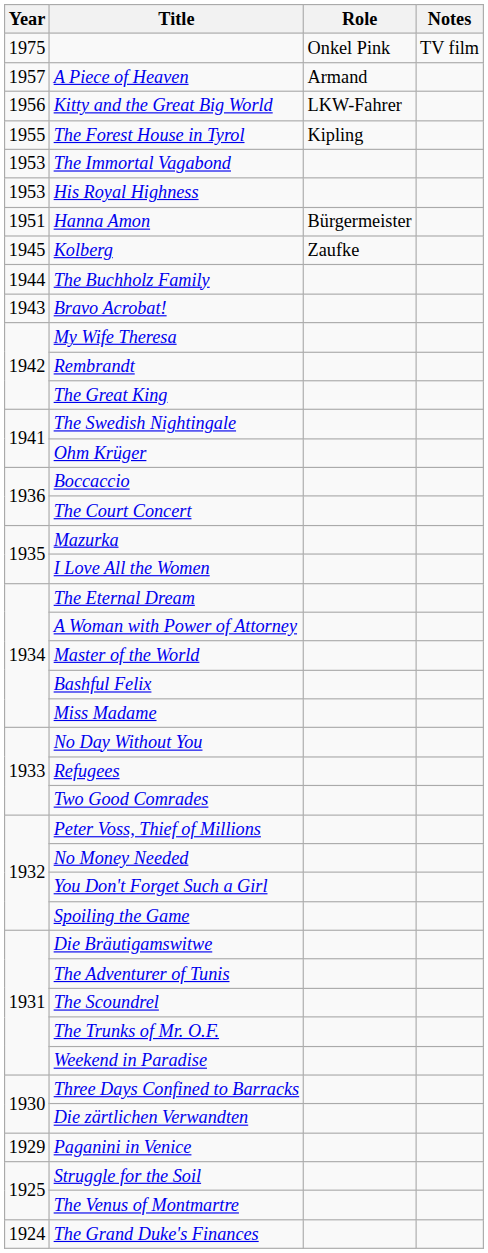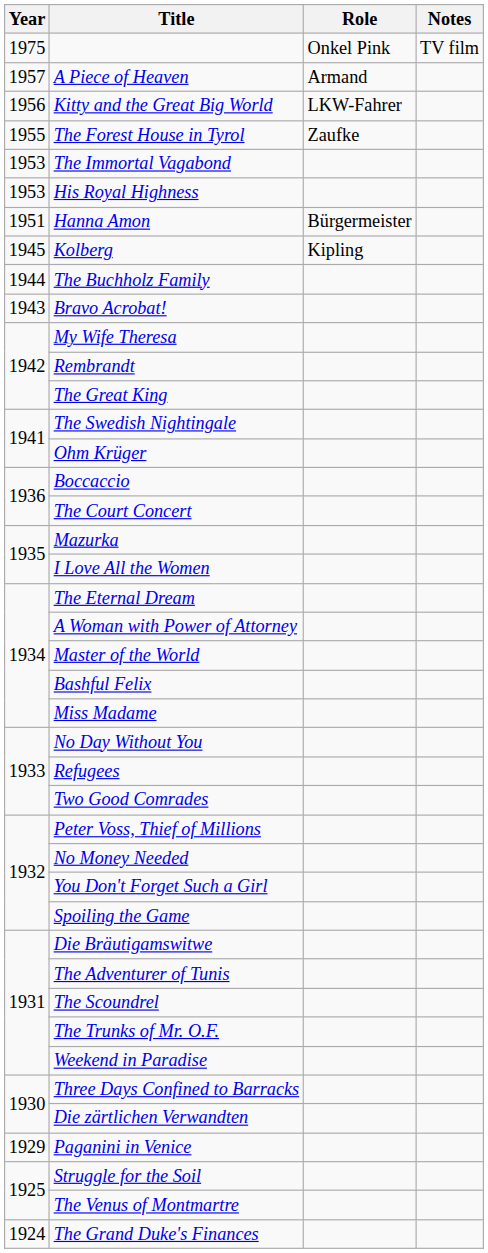 <table class="wikitable sortable">
 <tr>
 <th>Year</th>
 <th>Title</th>
 <th>Role</th>
 <th class="unsortable">Notes</th>
 </tr>
 <tr>
 <td>1975</td>
 <td><em></em></td>
 <td>Onkel Pink</td>
 <td>TV film</td>
 </tr>
 <tr>
 <td>1957</td>
 <td><em><a href='#'>A Piece of Heaven</a></em></td>
 <td>Armand</td>
 <td></td>
 </tr>
 <tr>
 <td>1956</td>
 <td><em><a href='#'>Kitty and the Great Big World</a></em></td>
 <td>LKW-Fahrer</td>
 <td></td>
 </tr>
 <tr>
 <td>1955</td>
 <td><em><a href='#'>The Forest House in Tyrol</a></em></td>
-<td>Kipling</td>
+<td>Zaufke</td>
 <td></td>
 </tr>
 <tr>
 <td>1953</td>
 <td><em><a href='#'>The Immortal Vagabond</a></em></td>
 <td></td>
 <td></td>
 </tr>
 <tr>
 <td>1953</td>
 <td><em><a href='#'>His Royal Highness</a></em></td>
 <td></td>
 <td></td>
 </tr>
 <tr>
 <td>1951</td>
 <td><em><a href='#'>Hanna Amon</a></em></td>
 <td>Bürgermeister</td>
 <td></td>
 </tr>
 <tr>
 <td>1945</td>
 <td><em><a href='#'>Kolberg</a></em></td>
-<td>Zaufke</td>
+<td>Kipling</td>
 <td></td>
 </tr>
 <tr>
 <td>1944</td>
 <td><em><a href='#'>The Buchholz Family</a></em></td>
 <td></td>
 <td></td>
 </tr>
 <tr>
 <td>1943</td>
 <td><em><a href='#'>Bravo Acrobat!</a></em></td>
 <td></td>
 <td></td>
 </tr>
 <tr>
 <td rowspan=3>1942</td>
 <td><em><a href='#'>My Wife Theresa</a></em></td>
 <td></td>
 <td></td>
 </tr>
 <tr>
 <td><em><a href='#'>Rembrandt</a></em></td>
 <td></td>
 <td></td>
 </tr>
 <tr>
 <td><em><a href='#'>The Great King</a></em></td>
 <td></td>
 <td></td>
 </tr>
 <tr>
 <td rowspan=2>1941</td>
 <td><em><a href='#'>The Swedish Nightingale</a></em></td>
 <td></td>
 <td></td>
 </tr>
 <tr>
 <td><em><a href='#'>Ohm Krüger</a></em></td>
 <td></td>
 <td></td>
 </tr>
 <tr>
 <td rowspan=2>1936</td>
 <td><em><a href='#'>Boccaccio</a></em></td>
 <td></td>
 <td></td>
 </tr>
 <tr>
 <td><em><a href='#'>The Court Concert</a></em></td>
 <td></td>
 <td></td>
 </tr>
 <tr>
 <td rowspan=2>1935</td>
 <td><em><a href='#'>Mazurka</a></em></td>
 <td></td>
 <td></td>
 </tr>
 <tr>
 <td><em><a href='#'>I Love All the Women</a></em></td>
 <td></td>
 <td></td>
 </tr>
 <tr>
 <td rowspan=5>1934</td>
 <td><em><a href='#'>The Eternal Dream</a></em></td>
 <td></td>
 <td></td>
 </tr>
 <tr>
 <td><em><a href='#'>A Woman with Power of Attorney</a></em></td>
 <td></td>
 <td></td>
 </tr>
 <tr>
 <td><em><a href='#'>Master of the World</a></em></td>
 <td></td>
 <td></td>
 </tr>
 <tr>
 <td><em><a href='#'>Bashful Felix</a></em></td>
 <td></td>
 <td></td>
 </tr>
 <tr>
 <td><em><a href='#'>Miss Madame</a></em></td>
 <td></td>
 <td></td>
 </tr>
 <tr>
 <td rowspan=3>1933</td>
 <td><em><a href='#'>No Day Without You</a></em></td>
 <td></td>
 <td></td>
 </tr>
 <tr>
 <td><em><a href='#'>Refugees</a></em></td>
 <td></td>
 <td></td>
 </tr>
 <tr>
 <td><em><a href='#'>Two Good Comrades</a></em></td>
 <td></td>
 <td></td>
 </tr>
 <tr>
 <td rowspan=4>1932</td>
 <td><em><a href='#'>Peter Voss, Thief of Millions</a></em></td>
 <td></td>
 <td></td>
 </tr>
 <tr>
 <td><em><a href='#'>No Money Needed</a></em></td>
 <td></td>
 <td></td>
 </tr>
 <tr>
 <td><em><a href='#'>You Don't Forget Such a Girl</a></em></td>
 <td></td>
 <td></td>
 </tr>
 <tr>
 <td><em><a href='#'>Spoiling the Game</a></em></td>
 <td></td>
 <td></td>
 </tr>
 <tr>
 <td rowspan=5>1931</td>
 <td><em><a href='#'>Die Bräutigamswitwe</a></em></td>
 <td></td>
 <td></td>
 </tr>
 <tr>
 <td><em><a href='#'>The Adventurer of Tunis</a></em></td>
 <td></td>
 <td></td>
 </tr>
 <tr>
 <td><em><a href='#'>The Scoundrel</a></em></td>
 <td></td>
 <td></td>
 </tr>
 <tr>
 <td><em><a href='#'>The Trunks of Mr. O.F.</a></em></td>
 <td></td>
 <td></td>
 </tr>
 <tr>
 <td><em><a href='#'>Weekend in Paradise</a></em></td>
 <td></td>
 <td></td>
 </tr>
 <tr>
 <td rowspan=2>1930</td>
 <td><em><a href='#'>Three Days Confined to Barracks</a></em></td>
 <td></td>
 <td></td>
 </tr>
 <tr>
 <td><em><a href='#'>Die zärtlichen Verwandten</a></em></td>
 <td></td>
 <td></td>
 </tr>
 <tr>
 <td>1929</td>
 <td><em><a href='#'>Paganini in Venice</a></em></td>
 <td></td>
 <td></td>
 </tr>
 <tr>
 <td rowspan=2>1925</td>
 <td><em><a href='#'>Struggle for the Soil</a></em></td>
 <td></td>
 <td></td>
 </tr>
 <tr>
 <td><em><a href='#'>The Venus of Montmartre</a></em></td>
 <td></td>
 <td></td>
 </tr>
 <tr>
 <td>1924</td>
 <td><em><a href='#'>The Grand Duke's Finances</a></em></td>
 <td></td>
 <td></td>
 </tr>
 </table>
